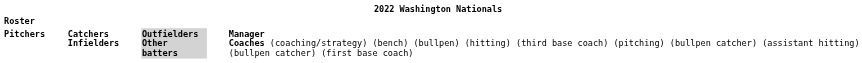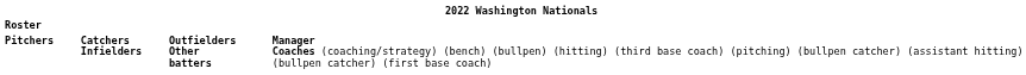 <table class="toccolours" style="font-size: 95%;">
 <tr>
 <th colspan="10">2022 Washington Nationals</th>
 </tr>
 <tr>
 <td colspan="10"><strong>Roster</strong></td>
 </tr>
 <tr>
 <td valign="top"><strong>Pitchers</strong><br>                               </td>
 <td width="25px"></td>
 <td valign="top"><strong>Catchers</strong><br>    <strong>Infielders</strong>            </td>
 <td width="25px"></td>
-<td valign="top" style="background: lightgrey;"><strong>Outfielders</strong><br>      <strong>Other batters</strong> </td>
+<td valign="top"><strong>Outfielders</strong><br>      <strong>Other batters</strong> </td>
 <td width="25px"></td>
 <td valign="top"><strong>Manager</strong><br> <strong>Coaches</strong>  (coaching/strategy)  (bench)  (bullpen)  (hitting)  (third base coach)  (pitching)  (bullpen catcher)  (assistant hitting)  (bullpen catcher)  (first base coach)</td>
 </tr>
 <tr>
 </tr>
 </table>
